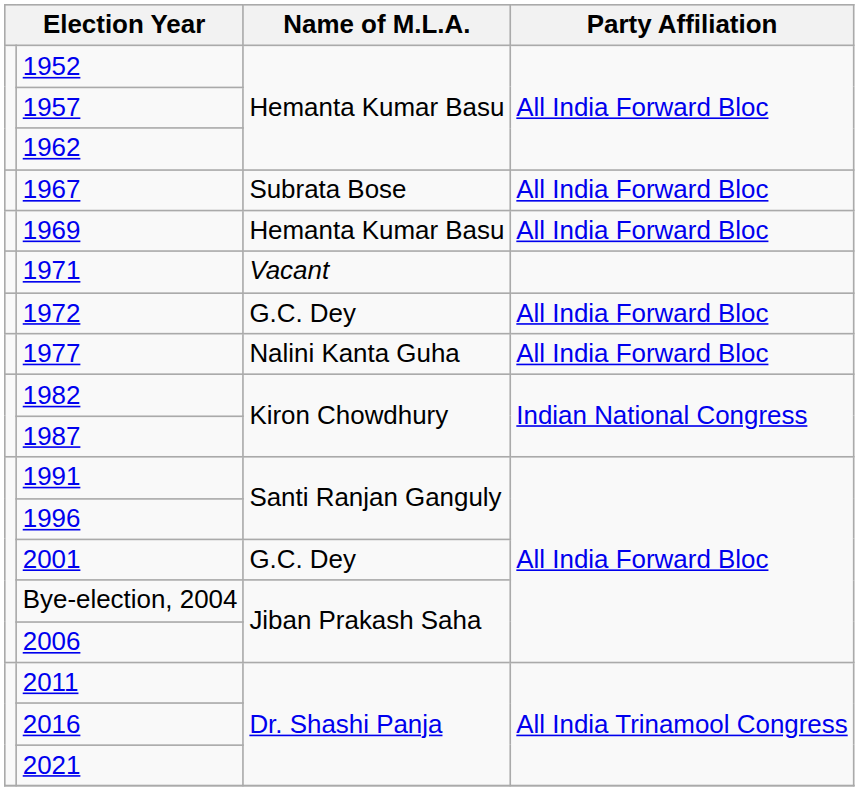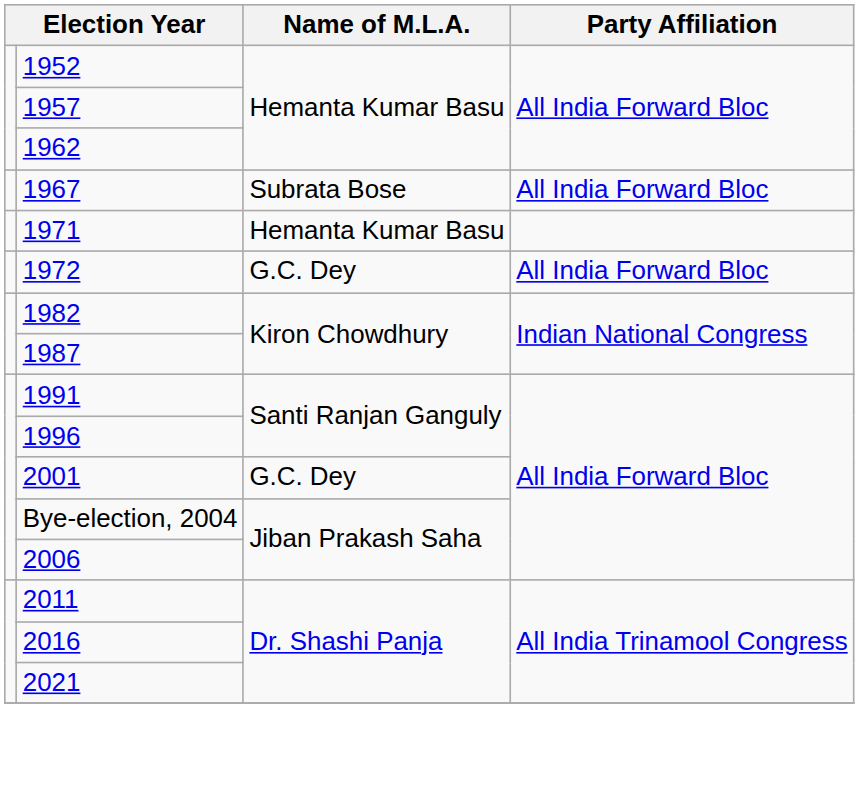 <table class="wikitable sortable">
 <tr>
 <th colspan="2">Election Year</th>
 <th>Name of M.L.A.</th>
 <th>Party Affiliation</th>
 </tr>
 <tr>
 <td rowspan="3" style="background-color: "></td>
 <td><a href='#'>1952</a></td>
 <td rowspan="3">Hemanta Kumar Basu</td>
 <td rowspan="3"><a href='#'>All India Forward Bloc</a></td>
 </tr>
 <tr>
 <td><a href='#'>1957</a></td>
 </tr>
 <tr>
 <td><a href='#'>1962</a></td>
 </tr>
 <tr>
 <td style="background-color: "></td>
 <td><a href='#'>1967</a></td>
 <td>Subrata Bose</td>
 <td><a href='#'>All India Forward Bloc</a></td>
 </tr>
 <tr>
-<td style="background-color: "></td>
-<td><a href='#'>1969</a></td>
-<td>Hemanta Kumar Basu</td>
-<td><a href='#'>All India Forward Bloc</a></td>
-</tr>
-<tr>
 <td></td>
 <td><a href='#'>1971</a></td>
-<td><em>Vacant</em></td>
+<td>Hemanta Kumar Basu</td>
 <td></td>
 </tr>
 <tr>
 <td style="background-color: "></td>
 <td><a href='#'>1972</a></td>
 <td>G.C. Dey</td>
-<td><a href='#'>All India Forward Bloc</a></td>
-</tr>
-<tr>
-<td style="background-color: "></td>
-<td><a href='#'>1977</a></td>
-<td>Nalini Kanta Guha</td>
 <td><a href='#'>All India Forward Bloc</a></td>
 </tr>
 <tr>
 <td rowspan="2" style="background-color: "></td>
 <td><a href='#'>1982</a></td>
 <td rowspan="2">Kiron Chowdhury</td>
 <td rowspan="2"><a href='#'>Indian National Congress</a></td>
 </tr>
 <tr>
 <td><a href='#'>1987</a></td>
 </tr>
 <tr>
 <td rowspan="5" style="background-color: "></td>
 <td><a href='#'>1991</a></td>
 <td rowspan="2">Santi Ranjan Ganguly</td>
 <td rowspan="5"><a href='#'>All India Forward Bloc</a></td>
 </tr>
 <tr>
 <td><a href='#'>1996</a></td>
 </tr>
 <tr>
 <td><a href='#'>2001</a></td>
 <td>G.C. Dey</td>
 </tr>
 <tr>
 <td>Bye-election, 2004</td>
 <td rowspan="2">Jiban Prakash Saha</td>
 </tr>
 <tr>
 <td><a href='#'>2006</a></td>
 </tr>
 <tr>
 <td rowspan="3" style="background-color: "></td>
 <td><a href='#'>2011</a></td>
 <td rowspan="3"><a href='#'>Dr. Shashi Panja</a></td>
 <td rowspan="3"><a href='#'>All India Trinamool Congress</a></td>
 </tr>
 <tr>
 <td><a href='#'>2016</a></td>
 </tr>
 <tr Dr shashi panja>
 <td><a href='#'>2021</a></td>
 </tr>
 <tr AITMC>
 </tr>
 </table>
